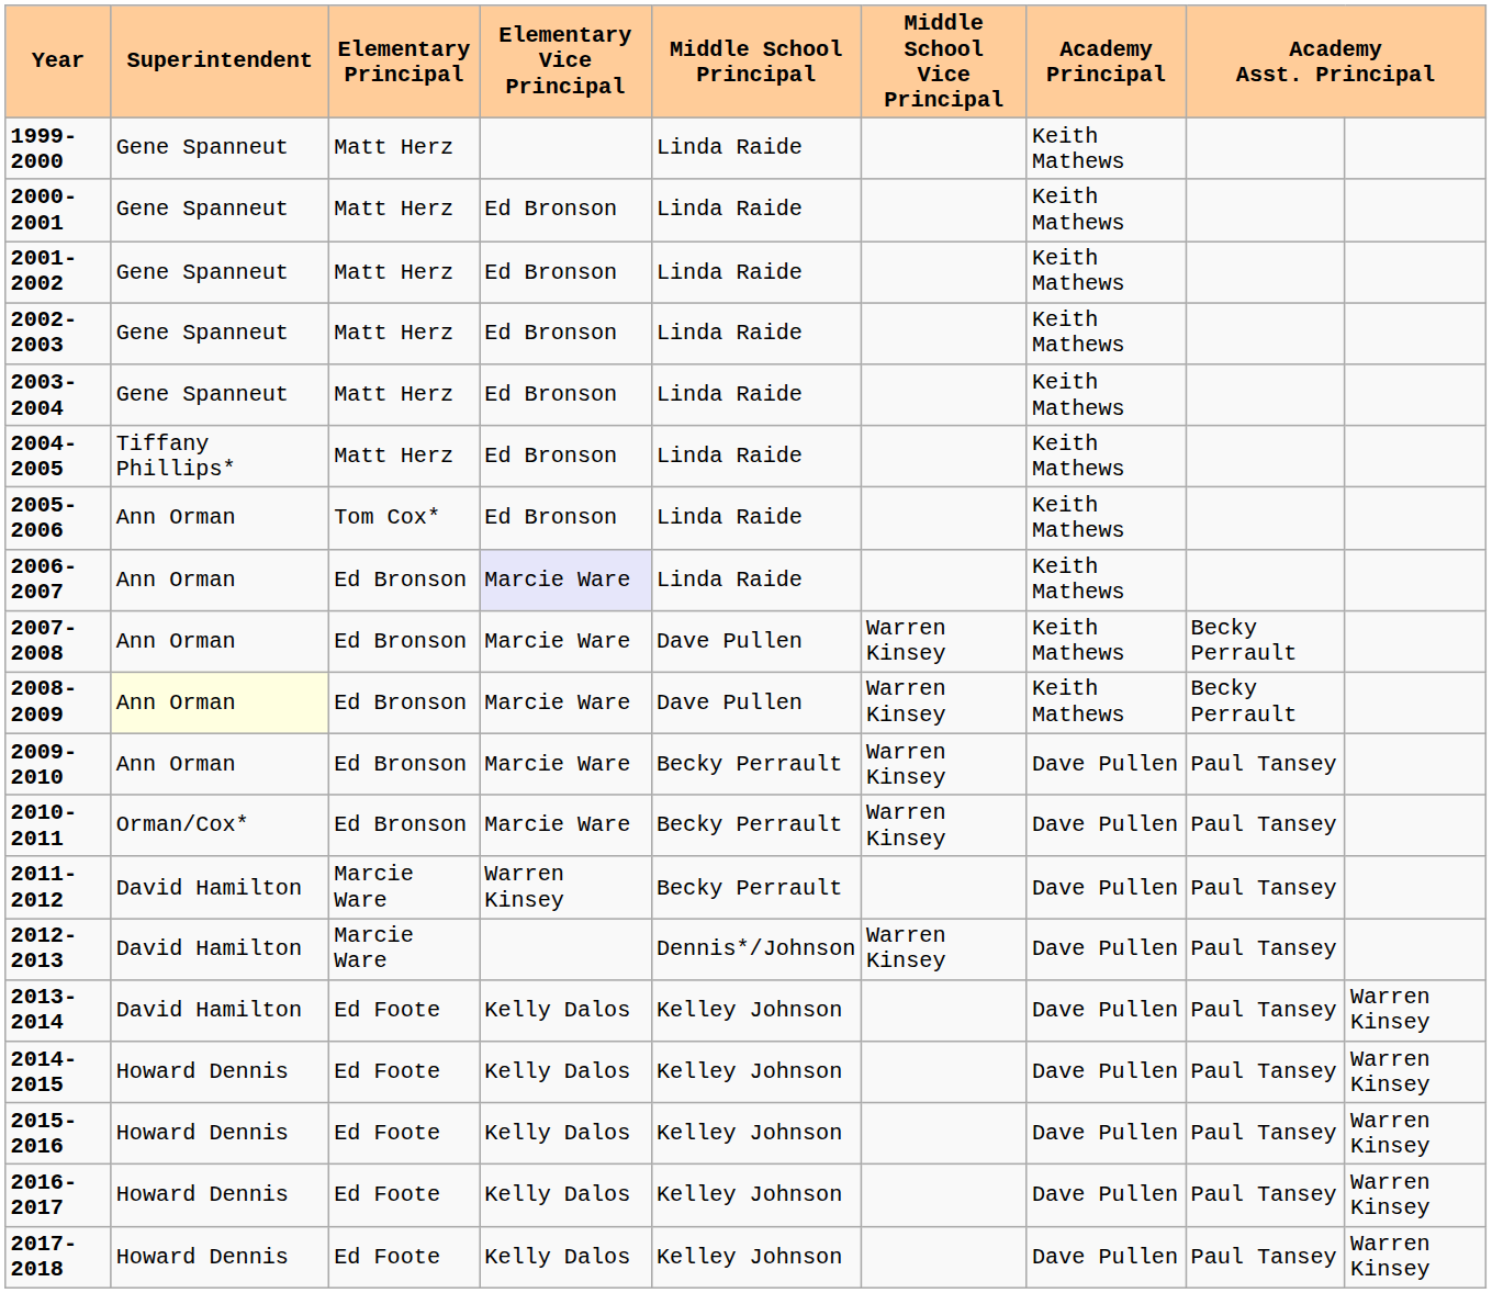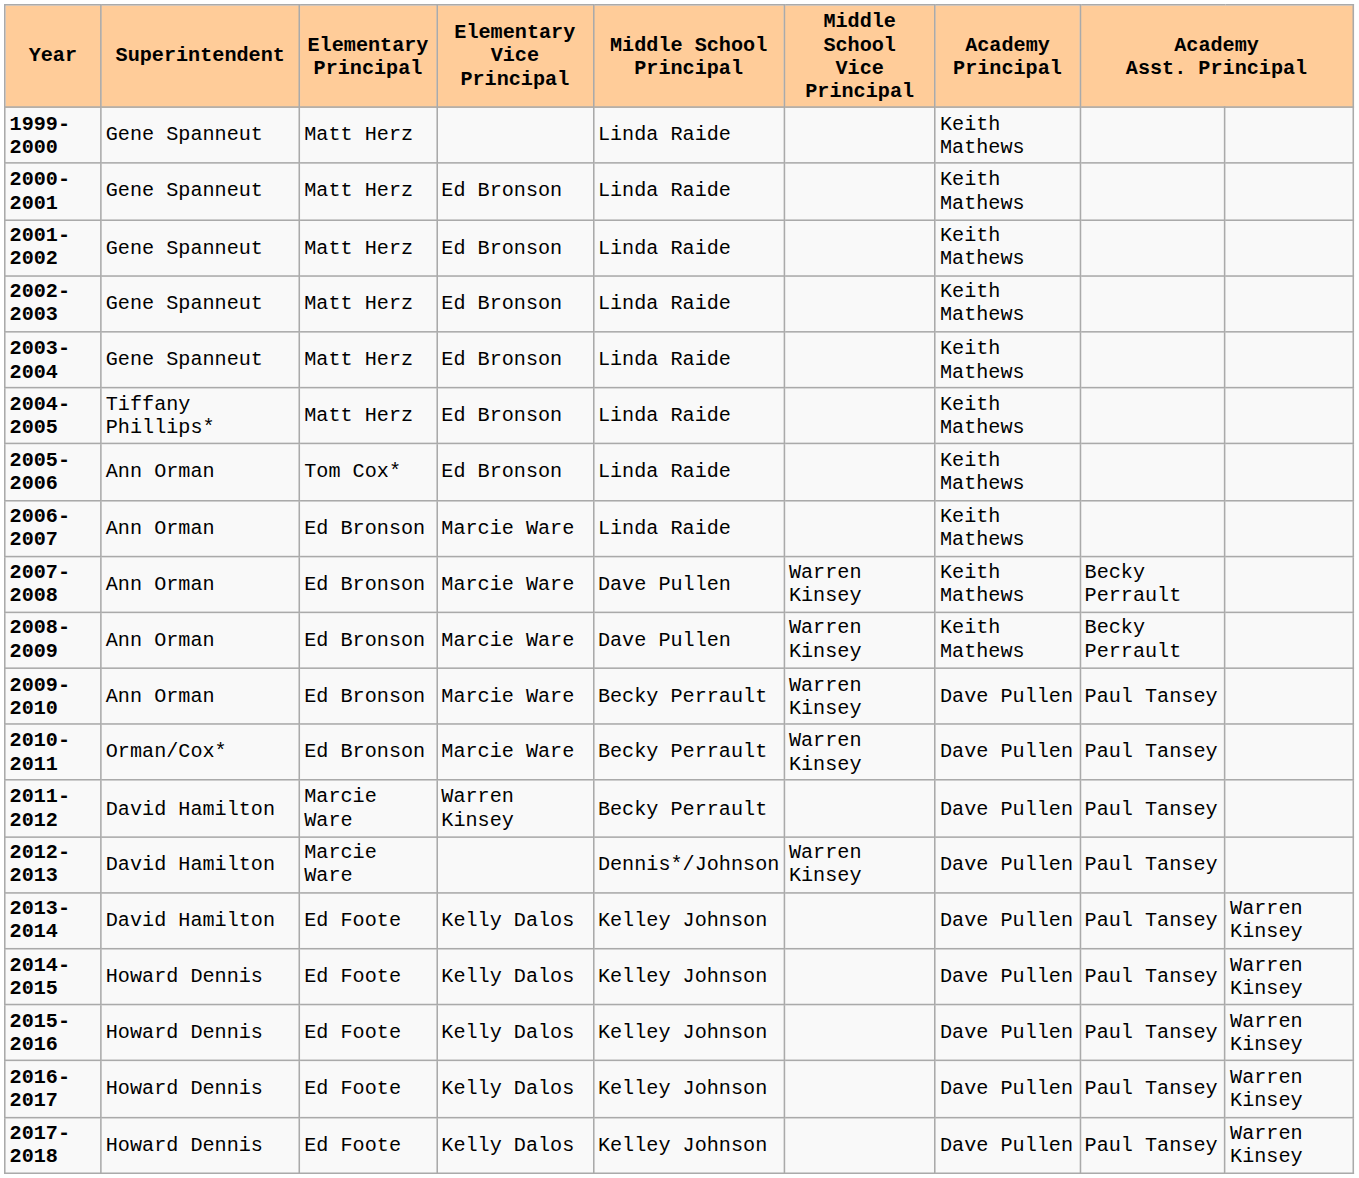 <table class="wikitable">
 <tr>
 <th style="background:#FFCC99;">Year</th>
 <th style="background:#FFCC99;">Superintendent</th>
 <th style="background:#FFCC99;">Elementary<br>Principal</th>
 <th style="background:#FFCC99;">Elementary<br>Vice Principal</th>
 <th style="background:#FFCC99;">Middle School<br>Principal</th>
 <th style="background:#FFCC99;">Middle School<br>Vice Principal</th>
 <th style="background:#FFCC99;">Academy<br>Principal</th>
 <th style="background:#FFCC99;" colspan=2>Academy<br>Asst. Principal</th>
 </tr>
 <tr>
 <td><strong>1999-2000</strong></td>
 <td>Gene Spanneut</td>
 <td>Matt Herz</td>
 <td></td>
 <td>Linda Raide</td>
 <td></td>
 <td>Keith Mathews</td>
 <td></td>
 <td></td>
 </tr>
 <tr>
 <td><strong>2000-2001</strong></td>
 <td>Gene Spanneut</td>
 <td>Matt Herz</td>
 <td>Ed Bronson</td>
 <td>Linda Raide</td>
 <td></td>
 <td>Keith Mathews</td>
 <td></td>
 <td></td>
 </tr>
 <tr>
 <td><strong>2001-2002</strong></td>
 <td>Gene Spanneut</td>
 <td>Matt Herz</td>
 <td>Ed Bronson</td>
 <td>Linda Raide</td>
 <td></td>
 <td>Keith Mathews</td>
 <td></td>
 <td></td>
 </tr>
 <tr>
 <td><strong>2002-2003</strong></td>
 <td>Gene Spanneut</td>
 <td>Matt Herz</td>
 <td>Ed Bronson</td>
 <td>Linda Raide</td>
 <td></td>
 <td>Keith Mathews</td>
 <td></td>
 <td></td>
 </tr>
 <tr>
 <td><strong>2003-2004</strong></td>
 <td>Gene Spanneut</td>
 <td>Matt Herz</td>
 <td>Ed Bronson</td>
 <td>Linda Raide</td>
 <td></td>
 <td>Keith Mathews</td>
 <td></td>
 <td></td>
 </tr>
 <tr>
 <td><strong>2004-2005</strong></td>
 <td>Tiffany Phillips*</td>
 <td>Matt Herz</td>
 <td>Ed Bronson</td>
 <td>Linda Raide</td>
 <td></td>
 <td>Keith Mathews</td>
 <td></td>
 <td></td>
 </tr>
 <tr>
 <td><strong>2005-2006</strong></td>
 <td>Ann Orman</td>
 <td>Tom Cox*</td>
 <td>Ed Bronson</td>
 <td>Linda Raide</td>
 <td></td>
 <td>Keith Mathews</td>
 <td></td>
 <td></td>
 </tr>
 <tr>
 <td><strong>2006-2007</strong></td>
 <td>Ann Orman</td>
 <td>Ed Bronson</td>
-<td style="background: lavender;">Marcie Ware</td>
+<td>Marcie Ware</td>
 <td>Linda Raide</td>
 <td></td>
 <td>Keith Mathews</td>
 <td></td>
 <td></td>
 </tr>
 <tr>
 <td><strong>2007-2008</strong></td>
 <td>Ann Orman</td>
 <td>Ed Bronson</td>
 <td>Marcie Ware</td>
 <td>Dave Pullen</td>
 <td>Warren Kinsey</td>
 <td>Keith Mathews</td>
 <td>Becky Perrault</td>
 <td></td>
 </tr>
 <tr>
 <td><strong>2008-2009</strong></td>
-<td style="background: lightyellow;">Ann Orman</td>
+<td>Ann Orman</td>
 <td>Ed Bronson</td>
 <td>Marcie Ware</td>
 <td>Dave Pullen</td>
 <td>Warren Kinsey</td>
 <td>Keith Mathews</td>
 <td>Becky Perrault</td>
 <td></td>
 </tr>
 <tr>
 <td><strong>2009-2010</strong></td>
 <td>Ann Orman</td>
 <td>Ed Bronson</td>
 <td>Marcie Ware</td>
 <td>Becky Perrault</td>
 <td>Warren Kinsey</td>
 <td>Dave Pullen</td>
 <td>Paul Tansey</td>
 <td></td>
 </tr>
 <tr>
 <td><strong>2010-2011</strong></td>
 <td>Orman/Cox*</td>
 <td>Ed Bronson</td>
 <td>Marcie Ware</td>
 <td>Becky Perrault</td>
 <td>Warren Kinsey</td>
 <td>Dave Pullen</td>
 <td>Paul Tansey</td>
 <td></td>
 </tr>
 <tr>
 <td><strong>2011-2012</strong></td>
 <td>David Hamilton</td>
 <td>Marcie Ware</td>
 <td>Warren Kinsey</td>
 <td>Becky Perrault</td>
 <td></td>
 <td>Dave Pullen</td>
 <td>Paul Tansey</td>
 <td></td>
 </tr>
 <tr>
 <td><strong>2012-2013</strong></td>
 <td>David Hamilton</td>
 <td>Marcie Ware</td>
 <td></td>
 <td>Dennis*/Johnson</td>
 <td>Warren Kinsey</td>
 <td>Dave Pullen</td>
 <td>Paul Tansey</td>
 <td></td>
 </tr>
 <tr>
 <td><strong>2013-2014</strong></td>
 <td>David Hamilton</td>
 <td>Ed Foote</td>
 <td>Kelly Dalos</td>
 <td>Kelley Johnson</td>
 <td></td>
 <td>Dave Pullen</td>
 <td>Paul Tansey</td>
 <td>Warren Kinsey</td>
 </tr>
 <tr>
 <td><strong>2014-2015</strong></td>
 <td>Howard Dennis</td>
 <td>Ed Foote</td>
 <td>Kelly Dalos</td>
 <td>Kelley Johnson</td>
 <td></td>
 <td>Dave Pullen</td>
 <td>Paul Tansey</td>
 <td>Warren Kinsey</td>
 </tr>
 <tr>
 <td><strong>2015-2016</strong></td>
 <td>Howard Dennis</td>
 <td>Ed Foote</td>
 <td>Kelly Dalos</td>
 <td>Kelley Johnson</td>
 <td></td>
 <td>Dave Pullen</td>
 <td>Paul Tansey</td>
 <td>Warren Kinsey</td>
 </tr>
 <tr>
 <td><strong>2016-2017</strong></td>
 <td>Howard Dennis</td>
 <td>Ed Foote</td>
 <td>Kelly Dalos</td>
 <td>Kelley Johnson</td>
 <td></td>
 <td>Dave Pullen</td>
 <td>Paul Tansey</td>
 <td>Warren Kinsey</td>
 </tr>
 <tr>
 <td><strong>2017-2018</strong></td>
 <td>Howard Dennis</td>
 <td>Ed Foote</td>
 <td>Kelly Dalos</td>
 <td>Kelley Johnson</td>
 <td></td>
 <td>Dave Pullen</td>
 <td>Paul Tansey</td>
 <td>Warren Kinsey</td>
 </tr>
 <tr>
 </tr>
 </table>
